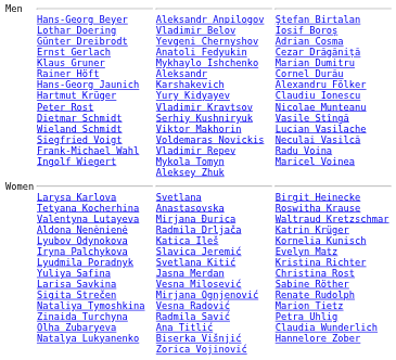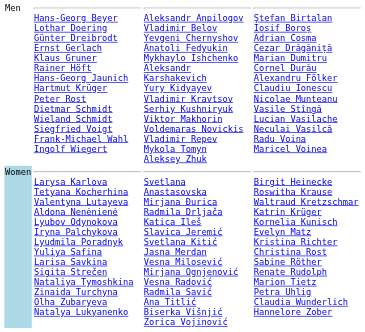 <table>
 <tr valign=top>
 <td>Men <br></td>
 <td width=160><hr><a href='#'>Hans-Georg Beyer</a><br><a href='#'>Lothar Doering</a><br><a href='#'>Günter Dreibrodt</a><br><a href='#'>Ernst Gerlach</a><br><a href='#'>Klaus Gruner</a><br><a href='#'>Rainer Höft</a><br><a href='#'>Hans-Georg Jaunich</a><br><a href='#'>Hartmut Krüger</a><br><a href='#'>Peter Rost</a><br><a href='#'>Dietmar Schmidt</a><br><a href='#'>Wieland Schmidt</a><br><a href='#'>Siegfried Voigt</a><br><a href='#'>Frank-Michael Wahl</a><br><a href='#'>Ingolf Wiegert</a></td>
 <td width=160><hr><a href='#'>Aleksandr Anpilogov</a><br><a href='#'>Vladimir Belov</a><br><a href='#'>Yevgeni Chernyshov</a><br><a href='#'>Anatoli Fedyukin</a><br><a href='#'>Mykhaylo Ishchenko</a><br><a href='#'>Aleksandr Karshakevich</a><br><a href='#'>Yury Kidyayev</a><br><a href='#'>Vladimir Kravtsov</a><br><a href='#'>Serhiy Kushniryuk</a><br><a href='#'>Viktor Makhorin</a><br><a href='#'>Voldemaras Novickis</a><br><a href='#'>Vladimir Repev</a><br><a href='#'>Mykola Tomyn</a><br><a href='#'>Aleksey Zhuk</a></td>
 <td width=160><hr><a href='#'>Ştefan Birtalan</a><br><a href='#'>Iosif Boroş</a><br><a href='#'>Adrian Cosma</a><br><a href='#'>Cezar Drăgăniṭă</a><br><a href='#'>Marian Dumitru</a><br><a href='#'>Cornel Durău</a><br><a href='#'>Alexandru Fölker</a><br><a href='#'>Claudiu Ionescu</a><br><a href='#'>Nicolae Munteanu</a><br><a href='#'>Vasile Stîngă</a><br><a href='#'>Lucian Vasilache</a><br><a href='#'>Neculai Vasilcă</a><br><a href='#'>Radu Voina</a><br><a href='#'>Maricel Voinea</a></td>
 </tr>
 <tr valign=top>
-<td>Women <br></td>
+<td style="background: lightblue;">Women <br></td>
 <td><hr><a href='#'>Larysa Karlova</a><br><a href='#'>Tetyana Kocherhina</a><br><a href='#'>Valentyna Lutayeva</a><br><a href='#'>Aldona Nenėnienė</a><br><a href='#'>Lyubov Odynokova</a><br><a href='#'>Iryna Palchykova</a><br><a href='#'>Lyudmila Poradnyk</a><br><a href='#'>Yuliya Safina</a><br><a href='#'>Larisa Savkina</a><br><a href='#'>Sigita Strečen</a><br><a href='#'>Nataliya Tymoshkina</a><br><a href='#'>Zinaida Turchyna</a><br><a href='#'>Olha Zubaryeva</a><br><a href='#'>Natalya Lukyanenko</a></td>
 <td><hr><a href='#'>Svetlana Anastasovska</a><br><a href='#'>Mirjana Đurica</a><br><a href='#'>Radmila Drljača</a><br><a href='#'>Katica Ileš</a><br><a href='#'>Slavica Jeremić</a><br><a href='#'>Svetlana Kitić</a><br><a href='#'>Jasna Merdan</a><br><a href='#'>Vesna Milosević</a><br><a href='#'>Mirjana Ognjenović</a><br><a href='#'>Vesna Radović</a><br><a href='#'>Radmila Savić</a><br><a href='#'>Ana Titlić</a><br><a href='#'>Biserka Višnjić</a><br><a href='#'>Zorica Vojinović</a></td>
 <td><hr><a href='#'>Birgit Heinecke</a><br><a href='#'>Roswitha Krause</a><br><a href='#'>Waltraud Kretzschmar</a><br><a href='#'>Katrin Krüger</a><br><a href='#'>Kornelia Kunisch</a><br><a href='#'>Evelyn Matz</a><br><a href='#'>Kristina Richter</a><br><a href='#'>Christina Rost</a><br><a href='#'>Sabine Röther</a><br><a href='#'>Renate Rudolph</a><br><a href='#'>Marion Tietz</a><br><a href='#'>Petra Uhlig</a><br><a href='#'>Claudia Wunderlich</a><br><a href='#'>Hannelore Zober</a></td>
 </tr>
 </table>
